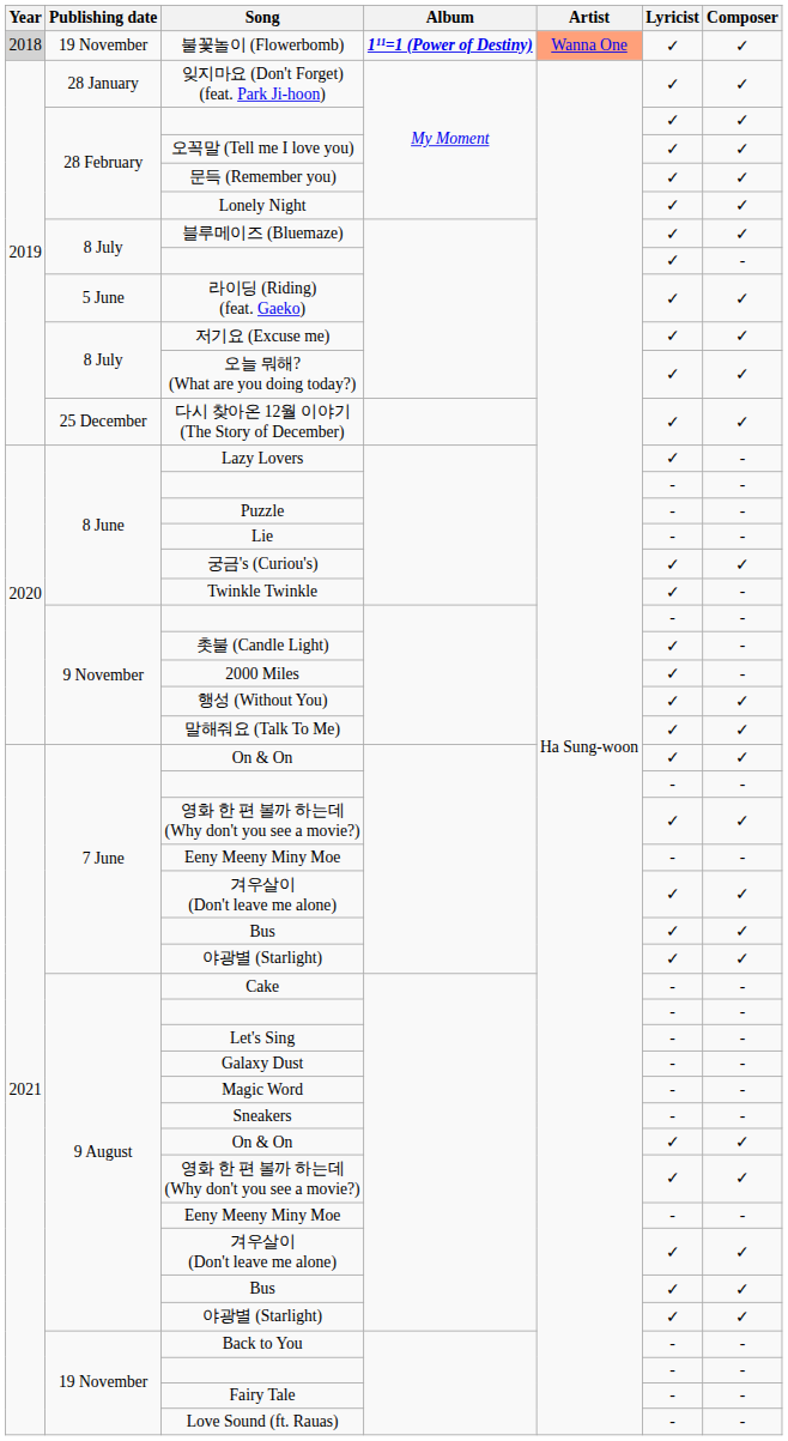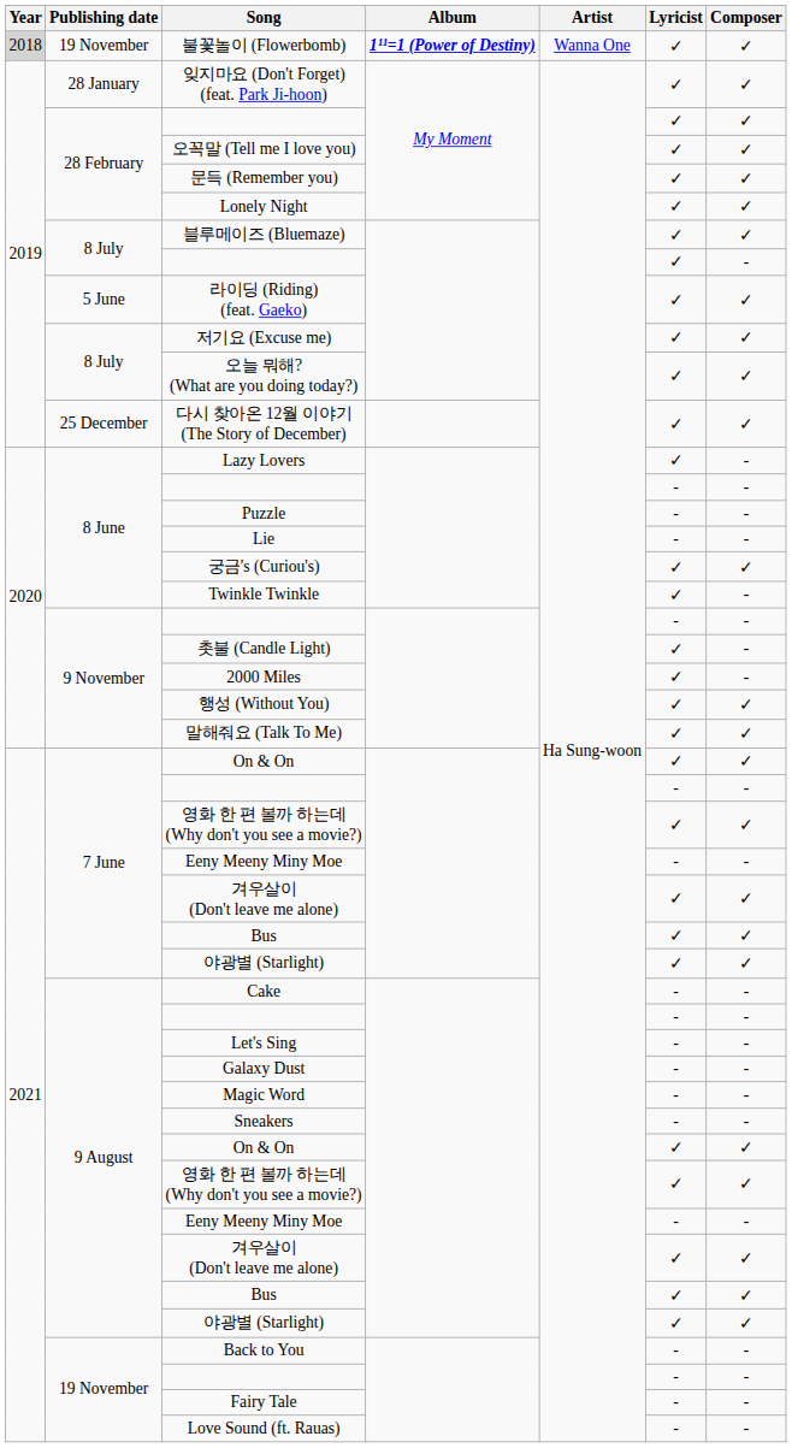 <table class="wikitable plainrowheaders" style="text-align:center">
 <tr>
 <th>Year</th>
 <th>Publishing date</th>
 <th>Song</th>
 <th>Album</th>
 <th>Artist</th>
 <th>Lyricist</th>
 <th>Composer</th>
 </tr>
 <tr>
 <td style="background: lightgrey;">2018</td>
 <td>19 November</td>
 <td>불꽃놀이 (Flowerbomb)</td>
 <td><strong><em><a href='#'>1¹¹=1 (Power of Destiny)</a></em></strong></td>
-<td style="background: lightsalmon;"><a href='#'>Wanna One</a></td>
+<td><a href='#'>Wanna One</a></td>
 <td>✓</td>
 <td>✓</td>
 </tr>
 <tr>
 <td rowspan="11">2019</td>
 <td>28 January</td>
 <td>잊지마요 (Don't Forget)<br>(feat. <a href='#'>Park Ji-hoon</a>)</td>
 <td rowspan="5"><em><a href='#'>My Moment</a></em></td>
 <td rowspan="45">Ha Sung-woon</td>
 <td>✓</td>
 <td>✓</td>
 </tr>
 <tr>
 <td rowspan="4">28 February</td>
 <td></td>
 <td>✓</td>
 <td>✓</td>
 </tr>
 <tr>
 <td>오꼭말 (Tell me I love you)</td>
 <td>✓</td>
 <td>✓</td>
 </tr>
 <tr>
 <td>문득 (Remember you)</td>
 <td>✓</td>
 <td>✓</td>
 </tr>
 <tr>
 <td>Lonely Night</td>
 <td>✓</td>
 <td>✓</td>
 </tr>
 <tr>
 <td rowspan="2">8 July</td>
 <td>블루메이즈 (Bluemaze)</td>
 <td rowspan="5"></td>
 <td>✓</td>
 <td>✓</td>
 </tr>
 <tr>
 <td></td>
 <td>✓</td>
 <td>-</td>
 </tr>
 <tr>
 <td>5 June</td>
 <td>라이딩 (Riding)<br>(feat. <a href='#'>Gaeko</a>)</td>
 <td>✓</td>
 <td>✓</td>
 </tr>
 <tr>
 <td rowspan="2">8 July</td>
 <td>저기요 (Excuse me)</td>
 <td>✓</td>
 <td>✓</td>
 </tr>
 <tr>
 <td>오늘 뭐해?<br>(What are you doing today?)</td>
 <td>✓</td>
 <td>✓</td>
 </tr>
 <tr>
 <td>25 December</td>
 <td>다시 찾아온 12월 이야기<br>(The Story of December)</td>
 <td></td>
 <td>✓</td>
 <td>✓</td>
 </tr>
 <tr>
 <td rowspan="11">2020</td>
 <td rowspan="6">8 June</td>
 <td>Lazy Lovers</td>
 <td rowspan="6"></td>
 <td>✓</td>
 <td>-</td>
 </tr>
 <tr>
 <td></td>
 <td>-</td>
 <td>-</td>
 </tr>
 <tr>
 <td>Puzzle</td>
 <td>-</td>
 <td>-</td>
 </tr>
 <tr>
 <td>Lie</td>
 <td>-</td>
 <td>-</td>
 </tr>
 <tr>
 <td>궁금's (Curiou's)</td>
 <td>✓</td>
 <td>✓</td>
 </tr>
 <tr>
 <td>Twinkle Twinkle</td>
 <td>✓</td>
 <td>-</td>
 </tr>
 <tr>
 <td rowspan="5">9 November</td>
 <td></td>
 <td rowspan="5"></td>
 <td>-</td>
 <td>-</td>
 </tr>
 <tr>
 <td>촛불 (Candle Light)</td>
 <td>✓</td>
 <td>-</td>
 </tr>
 <tr>
 <td>2000 Miles</td>
 <td>✓</td>
 <td>-</td>
 </tr>
 <tr>
 <td>행성 (Without You)</td>
 <td>✓</td>
 <td>✓</td>
 </tr>
 <tr>
 <td>말해줘요 (Talk To Me)</td>
 <td>✓</td>
 <td>✓</td>
 </tr>
 <tr>
 <td rowspan="27">2021</td>
 <td rowspan="7">7 June</td>
 <td>On & On</td>
 <td rowspan="7"></td>
 <td>✓</td>
 <td>✓</td>
 </tr>
 <tr>
 <td></td>
 <td>-</td>
 <td>-</td>
 </tr>
 <tr>
 <td>영화 한 편 볼까 하는데<br>(Why don't you see a movie?)</td>
 <td>✓</td>
 <td>✓</td>
 </tr>
 <tr>
 <td>Eeny Meeny Miny Moe</td>
 <td>-</td>
 <td>-</td>
 </tr>
 <tr>
 <td>겨우살이<br>(Don't leave me alone)</td>
 <td>✓</td>
 <td>✓</td>
 </tr>
 <tr>
 <td>Bus</td>
 <td>✓</td>
 <td>✓</td>
 </tr>
 <tr>
 <td>야광별 (Starlight)</td>
 <td>✓</td>
 <td>✓</td>
 </tr>
 <tr>
 <td rowspan="12">9 August</td>
 <td>Cake</td>
 <td rowspan="12"></td>
 <td>-</td>
 <td>-</td>
 </tr>
 <tr>
 <td></td>
 <td>-</td>
 <td>-</td>
 </tr>
 <tr>
 <td>Let's Sing</td>
 <td>-</td>
 <td>-</td>
 </tr>
 <tr>
 <td>Galaxy Dust</td>
 <td>-</td>
 <td>-</td>
 </tr>
 <tr>
 <td>Magic Word</td>
 <td>-</td>
 <td>-</td>
 </tr>
 <tr>
 <td>Sneakers</td>
 <td>-</td>
 <td>-</td>
 </tr>
 <tr>
 <td>On & On</td>
 <td>✓</td>
 <td>✓</td>
 </tr>
 <tr>
 <td>영화 한 편 볼까 하는데<br>(Why don't you see a movie?)</td>
 <td>✓</td>
 <td>✓</td>
 </tr>
 <tr>
 <td>Eeny Meeny Miny Moe</td>
 <td>-</td>
 <td>-</td>
 </tr>
 <tr>
 <td>겨우살이<br>(Don't leave me alone)</td>
 <td>✓</td>
 <td>✓</td>
 </tr>
 <tr>
 <td>Bus</td>
 <td>✓</td>
 <td>✓</td>
 </tr>
 <tr>
 <td>야광별 (Starlight)</td>
 <td>✓</td>
 <td>✓</td>
 </tr>
 <tr>
 <td rowspan="4">19 November</td>
 <td>Back to You</td>
 <td rowspan="4"><em></em></td>
 <td>-</td>
 <td>-</td>
 </tr>
 <tr>
 <td></td>
 <td>-</td>
 <td>-</td>
 </tr>
 <tr>
 <td>Fairy Tale</td>
 <td>-</td>
 <td>-</td>
 </tr>
 <tr>
 <td>Love Sound (ft. Rauas)</td>
 <td>-</td>
 <td>-</td>
 </tr>
 </table>
